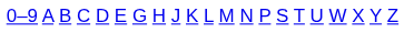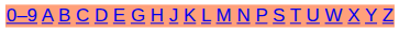 <table border="0" align="center" class="toccolours">
 <tr>
 <th></th>
 </tr>
 <tr>
-<td align="center"><a href='#'>0–9</a> <a href='#'>A</a> <a href='#'>B</a> <a href='#'>C</a> <a href='#'>D</a> <a href='#'>E</a> <a href='#'>G</a> <a href='#'>H</a> <a href='#'>J</a> <a href='#'>K</a> <a href='#'>L</a> <a href='#'>M</a> <a href='#'>N</a> <a href='#'>P</a> <a href='#'>S</a> <a href='#'>T</a> <a href='#'>U</a> <a href='#'>W</a> <a href='#'>X</a> <a href='#'>Y</a> <a href='#'>Z</a><br></td>
+<td align="center" style="background: lightsalmon;"><a href='#'>0–9</a> <a href='#'>A</a> <a href='#'>B</a> <a href='#'>C</a> <a href='#'>D</a> <a href='#'>E</a> <a href='#'>G</a> <a href='#'>H</a> <a href='#'>J</a> <a href='#'>K</a> <a href='#'>L</a> <a href='#'>M</a> <a href='#'>N</a> <a href='#'>P</a> <a href='#'>S</a> <a href='#'>T</a> <a href='#'>U</a> <a href='#'>W</a> <a href='#'>X</a> <a href='#'>Y</a> <a href='#'>Z</a><br></td>
 </tr>
 </table>
